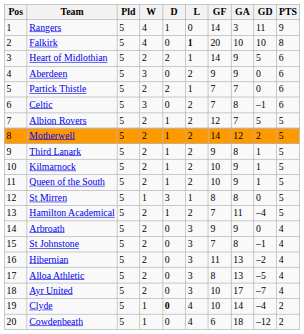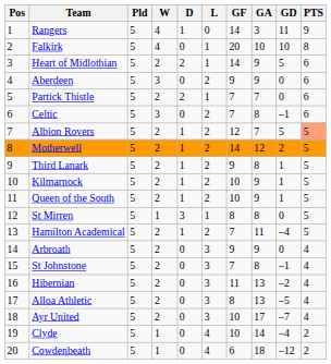 <table class="wikitable" style="text–align: center;">
 <tr>
 <th width=30>Pos</th>
 <th width=140>Team</th>
 <th width=30>Pld</th>
 <th width=30>W</th>
 <th width=30>D</th>
 <th width=30>L</th>
 <th width=30>GF</th>
 <th width=30>GA</th>
 <th width=30>GD</th>
 <th width=30>PTS</th>
 </tr>
 <tr>
 <td>1</td>
 <td><a href='#'>Rangers</a></td>
 <td>5</td>
 <td>4</td>
 <td>1</td>
 <td>0</td>
 <td>14</td>
 <td>3</td>
 <td>11</td>
 <td>9</td>
 </tr>
 <tr>
 <td>2</td>
 <td><a href='#'>Falkirk</a></td>
 <td>5</td>
 <td>4</td>
 <td>0</td>
-<td><strong>1</strong></td>
+<td>1</td>
 <td>20</td>
 <td>10</td>
 <td>10</td>
 <td>8</td>
 </tr>
 <tr>
 <td>3</td>
 <td><a href='#'>Heart of Midlothian</a></td>
 <td>5</td>
 <td>2</td>
 <td>2</td>
 <td>1</td>
 <td>14</td>
 <td>9</td>
 <td>5</td>
 <td>6</td>
 </tr>
 <tr>
 <td>4</td>
 <td><a href='#'>Aberdeen</a></td>
 <td>5</td>
 <td>3</td>
 <td>0</td>
 <td>2</td>
 <td>9</td>
 <td>9</td>
 <td>0</td>
 <td>6</td>
 </tr>
 <tr>
 <td>5</td>
 <td><a href='#'>Partick Thistle</a></td>
 <td>5</td>
 <td>2</td>
 <td>2</td>
 <td>1</td>
 <td>7</td>
 <td>7</td>
 <td>0</td>
 <td>6</td>
 </tr>
 <tr>
 <td>6</td>
 <td><a href='#'>Celtic</a></td>
 <td>5</td>
 <td>3</td>
 <td>0</td>
 <td>2</td>
 <td>7</td>
 <td>8</td>
 <td>–1</td>
 <td>6</td>
 </tr>
 <tr>
 <td>7</td>
 <td><a href='#'>Albion Rovers</a></td>
 <td>5</td>
 <td>2</td>
 <td>1</td>
 <td>2</td>
 <td>12</td>
 <td>7</td>
 <td>5</td>
-<td>5</td>
+<td style="background: lightsalmon;">5</td>
 </tr>
 <tr>
 </tr>
 <tr style="background:#FF9900;">
 <td>8</td>
 <td><a href='#'>Motherwell</a></td>
 <td>5</td>
 <td>2</td>
 <td>1</td>
 <td>2</td>
 <td>14</td>
 <td>12</td>
 <td>2</td>
 <td>5</td>
 </tr>
 <tr>
 <td>9</td>
 <td><a href='#'>Third Lanark</a></td>
 <td>5</td>
 <td>2</td>
 <td>1</td>
 <td>2</td>
 <td>9</td>
 <td>8</td>
 <td>1</td>
 <td>5</td>
 </tr>
 <tr>
 <td>10</td>
 <td><a href='#'>Kilmarnock</a></td>
 <td>5</td>
 <td>2</td>
 <td>1</td>
 <td>2</td>
 <td>10</td>
 <td>9</td>
 <td>1</td>
 <td>5</td>
 </tr>
 <tr>
 <td>11</td>
 <td><a href='#'>Queen of the South</a></td>
 <td>5</td>
 <td>2</td>
 <td>1</td>
 <td>2</td>
 <td>10</td>
 <td>9</td>
 <td>1</td>
 <td>5</td>
 </tr>
 <tr>
 <td>12</td>
 <td><a href='#'>St Mirren</a></td>
 <td>5</td>
 <td>1</td>
 <td>3</td>
 <td>1</td>
 <td>8</td>
 <td>8</td>
 <td>0</td>
 <td>5</td>
 </tr>
 <tr>
 <td>13</td>
 <td><a href='#'>Hamilton Academical</a></td>
 <td>5</td>
 <td>2</td>
 <td>1</td>
 <td>2</td>
 <td>7</td>
 <td>11</td>
 <td>–4</td>
 <td>5</td>
 </tr>
 <tr>
 <td>14</td>
 <td><a href='#'>Arbroath</a></td>
 <td>5</td>
 <td>2</td>
 <td>0</td>
 <td>3</td>
 <td>9</td>
 <td>9</td>
 <td>0</td>
 <td>4</td>
 </tr>
 <tr>
 <td>15</td>
 <td><a href='#'>St Johnstone</a></td>
 <td>5</td>
 <td>2</td>
 <td>0</td>
 <td>3</td>
 <td>7</td>
 <td>8</td>
 <td>–1</td>
 <td>4</td>
 </tr>
 <tr>
 <td>16</td>
 <td><a href='#'>Hibernian</a></td>
 <td>5</td>
 <td>2</td>
 <td>0</td>
 <td>3</td>
 <td>11</td>
 <td>13</td>
 <td>–2</td>
 <td>4</td>
 </tr>
 <tr>
 <td>17</td>
 <td><a href='#'>Alloa Athletic</a></td>
 <td>5</td>
 <td>2</td>
 <td>0</td>
 <td>3</td>
 <td>8</td>
 <td>13</td>
 <td>–5</td>
 <td>4</td>
 </tr>
 <tr>
 <td>18</td>
 <td><a href='#'>Ayr United</a></td>
 <td>5</td>
 <td>2</td>
 <td>0</td>
 <td>3</td>
 <td>10</td>
 <td>17</td>
 <td>–7</td>
 <td>4</td>
 </tr>
 <tr>
 <td>19</td>
 <td><a href='#'>Clyde</a></td>
 <td>5</td>
 <td>1</td>
-<td><strong>0</strong></td>
+<td>0</td>
 <td>4</td>
 <td>10</td>
 <td>14</td>
 <td>–4</td>
 <td>2</td>
 </tr>
 <tr>
 <td>20</td>
 <td><a href='#'>Cowdenbeath</a></td>
 <td>5</td>
 <td>1</td>
 <td>0</td>
 <td>4</td>
 <td>6</td>
 <td>18</td>
 <td>–12</td>
 <td>2</td>
 </tr>
 </table>
